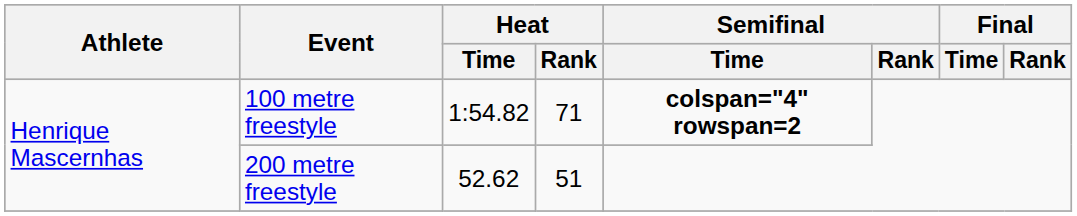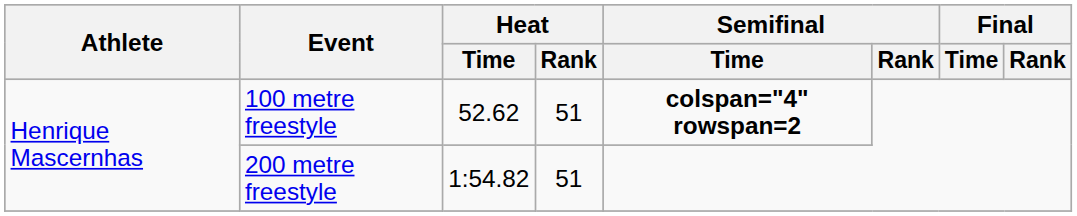 <table class="wikitable" style="text-align:center; font-size:90%; width:50%;">
 <tr>
 <th rowspan="2">Athlete</th>
 <th rowspan="2">Event</th>
 <th colspan="2">Heat</th>
 <th colspan="2">Semifinal</th>
 <th colspan="2">Final</th>
 </tr>
 <tr style="font-size:95%">
 <th>Time</th>
 <th>Rank</th>
 <th>Time</th>
 <th>Rank</th>
 <th>Time</th>
 <th>Rank</th>
 </tr>
 <tr>
 <td align=left rowspan=2><a href='#'>Henrique Mascernhas</a></td>
 <td align=left><a href='#'>100 metre freestyle</a></td>
-<td>1:54.82</td>
-<td>71</td>
+<td>52.62</td>
+<td>51</td>
 <td><strong>colspan="4" rowspan=2</strong></td>
 </tr>
 <tr>
 <td align=left><a href='#'>200 metre freestyle</a></td>
-<td>52.62</td>
+<td>1:54.82</td>
 <td>51</td>
 </tr>
 </table>
